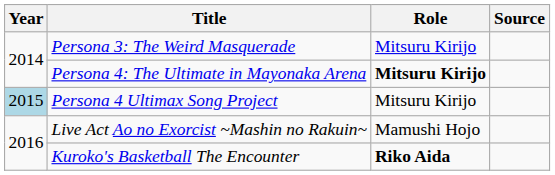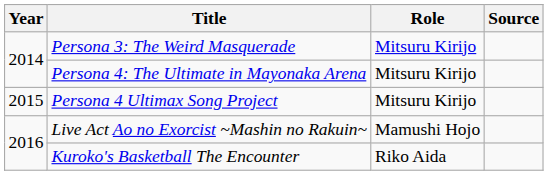 <table class="wikitable">
 <tr>
 <th scope="col">Year</th>
 <th scope="col">Title</th>
 <th scope="col">Role</th>
 <th scope="col">Source</th>
 </tr>
 <tr>
 <td rowspan="2">2014</td>
 <td><em><a href='#'>Persona 3: The Weird Masquerade</a></em></td>
 <td><a href='#'>Mitsuru Kirijo</a></td>
 <td></td>
 </tr>
 <tr>
 <td><em><a href='#'>Persona 4: The Ultimate in Mayonaka Arena</a></em></td>
-<td><strong>Mitsuru Kirijo</strong></td>
+<td>Mitsuru Kirijo</td>
 <td></td>
 </tr>
 <tr>
-<td style="background: lightblue;">2015</td>
+<td>2015</td>
 <td><em><a href='#'>Persona 4 Ultimax Song Project</a></em></td>
 <td>Mitsuru Kirijo</td>
 <td></td>
 </tr>
 <tr>
 <td rowspan="2">2016</td>
 <td><em>Live Act <a href='#'>Ao no Exorcist</a> ~Mashin no Rakuin~</em></td>
 <td>Mamushi Hojo</td>
 <td></td>
 </tr>
 <tr>
 <td><em><a href='#'>Kuroko's Basketball</a> The Encounter</em></td>
-<td><strong>Riko Aida</strong></td>
+<td>Riko Aida</td>
 <td></td>
 </tr>
 </table>
